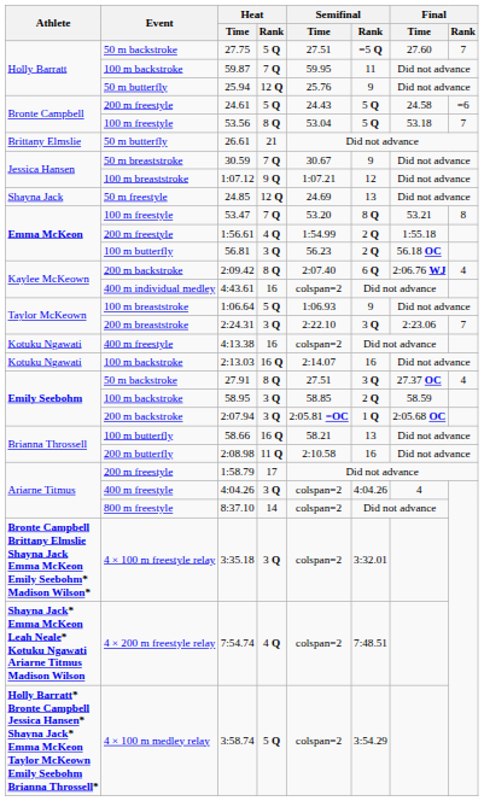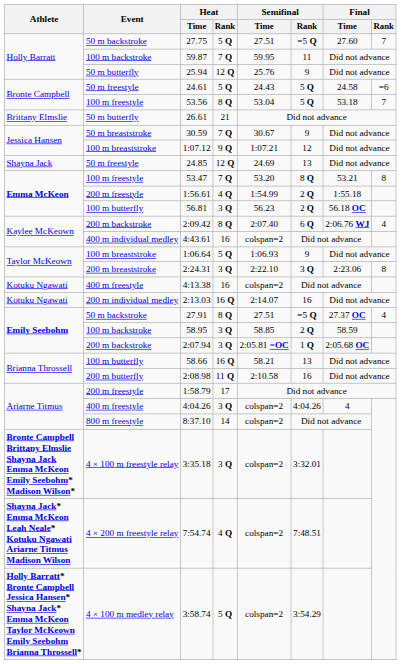 <table class=wikitable style="font-size:90%">
 <tr>
 <th rowspan="2">Athlete</th>
 <th rowspan="2">Event</th>
 <th colspan="2">Heat</th>
 <th colspan="2">Semifinal</th>
 <th colspan="2">Final</th>
 </tr>
 <tr style="font-size:95%">
 <th>Time</th>
 <th>Rank</th>
 <th>Time</th>
 <th>Rank</th>
 <th>Time</th>
 <th>Rank</th>
 </tr>
 <tr align=center>
 <td align=left rowspan=3><a href='#'>Holly Barratt</a></td>
 <td align=left><a href='#'>50 m backstroke</a></td>
 <td>27.75</td>
 <td>5 <strong>Q</strong></td>
 <td>27.51</td>
 <td>=5 <strong>Q</strong></td>
 <td>27.60</td>
 <td>7</td>
 </tr>
 <tr align=center>
 <td align=left><a href='#'>100 m backstroke</a></td>
 <td>59.87</td>
 <td>7 <strong>Q</strong></td>
 <td>59.95</td>
 <td>11</td>
 <td colspan=2>Did not advance</td>
 </tr>
 <tr align=center>
 <td align=left><a href='#'>50 m butterfly</a></td>
 <td>25.94</td>
 <td>12 <strong>Q</strong></td>
 <td>25.76</td>
 <td>9</td>
 <td colspan=2>Did not advance</td>
 </tr>
 <tr align=center>
 <td align=left rowspan=2><a href='#'>Bronte Campbell</a></td>
-<td align=left><a href='#'>200 m freestyle</a></td>
+<td align=left><a href='#'>50 m freestyle</a></td>
 <td>24.61</td>
 <td>5 <strong>Q</strong></td>
 <td>24.43</td>
 <td>5 <strong>Q</strong></td>
 <td>24.58</td>
 <td>=6</td>
 </tr>
 <tr align=center>
 <td align=left><a href='#'>100 m freestyle</a></td>
 <td>53.56</td>
 <td>8 <strong>Q</strong></td>
 <td>53.04</td>
 <td>5 <strong>Q</strong></td>
 <td>53.18</td>
 <td>7</td>
 </tr>
 <tr align=center>
 <td align=left><a href='#'>Brittany Elmslie</a></td>
 <td align=left><a href='#'>50 m butterfly</a></td>
 <td>26.61</td>
 <td>21</td>
 <td colspan=4>Did not advance</td>
 </tr>
 <tr align=center>
 <td align=left rowspan=2><a href='#'>Jessica Hansen</a></td>
 <td align=left><a href='#'>50 m breaststroke</a></td>
 <td>30.59</td>
 <td>7 <strong>Q</strong></td>
 <td>30.67</td>
 <td>9</td>
 <td colspan=2>Did not advance</td>
 </tr>
 <tr align=center>
 <td align=left><a href='#'>100 m breaststroke</a></td>
 <td>1:07.12</td>
 <td>9 <strong>Q</strong></td>
 <td>1:07.21</td>
 <td>12</td>
 <td colspan=2>Did not advance</td>
 </tr>
 <tr align=center>
 <td align=left><a href='#'>Shayna Jack</a></td>
 <td align=left><a href='#'>50 m freestyle</a></td>
 <td>24.85</td>
 <td>12 <strong>Q</strong></td>
 <td>24.69</td>
 <td>13</td>
 <td colspan=2>Did not advance</td>
 </tr>
 <tr align=center>
 <td align=left rowspan=3><strong><a href='#'>Emma McKeon</a></strong></td>
 <td align=left><a href='#'>100 m freestyle</a></td>
 <td>53.47</td>
 <td>7 <strong>Q</strong></td>
 <td>53.20</td>
 <td>8 <strong>Q</strong></td>
 <td>53.21</td>
 <td>8</td>
 </tr>
 <tr align=center>
 <td align=left><a href='#'>200 m freestyle</a></td>
 <td>1:56.61</td>
 <td>4 <strong>Q</strong></td>
 <td>1:54.99</td>
 <td>2 <strong>Q</strong></td>
 <td>1:55.18</td>
 <td></td>
 </tr>
 <tr align=center>
 <td align=left><a href='#'>100 m butterfly</a></td>
 <td>56.81</td>
 <td>3 <strong>Q</strong></td>
 <td>56.23</td>
 <td>2 <strong>Q</strong></td>
 <td>56.18 <strong><a href='#'>OC</a></strong></td>
 <td></td>
 </tr>
 <tr align=center>
 <td align=left rowspan=2><a href='#'>Kaylee McKeown</a></td>
 <td align=left><a href='#'>200 m backstroke</a></td>
 <td>2:09.42</td>
 <td>8 <strong>Q</strong></td>
 <td>2:07.40</td>
 <td>6 <strong>Q</strong></td>
 <td>2:06.76 <strong><a href='#'>WJ</a></strong></td>
 <td>4</td>
 </tr>
 <tr align=center>
 <td align=left><a href='#'>400 m individual medley</a></td>
 <td>4:43.61</td>
 <td>16</td>
 <td>colspan=2 </td>
 <td colspan=2>Did not advance</td>
 </tr>
 <tr align=center>
 <td align=left rowspan=2><a href='#'>Taylor McKeown</a></td>
 <td align=left><a href='#'>100 m breaststroke</a></td>
 <td>1:06.64</td>
 <td>5 <strong>Q</strong></td>
 <td>1:06.93</td>
 <td>9</td>
 <td colspan=2>Did not advance</td>
 </tr>
 <tr align=center>
 <td align=left><a href='#'>200 m breaststroke</a></td>
 <td>2:24.31</td>
 <td>3 <strong>Q</strong></td>
 <td>2:22.10</td>
 <td>3 <strong>Q</strong></td>
 <td>2:23.06</td>
-<td>7</td>
+<td>8</td>
 </tr>
 <tr align=center>
 <td align=left><a href='#'>Kotuku Ngawati</a></td>
 <td align=left><a href='#'>400 m freestyle</a></td>
 <td>4:13.38</td>
 <td>16</td>
 <td>colspan=2 </td>
 <td colspan=2>Did not advance</td>
 </tr>
 <tr align=center>
 <td align=left><a href='#'>Kotuku Ngawati</a></td>
-<td align=left><a href='#'>100 m backstroke</a></td>
+<td align=left><a href='#'>200 m individual medley</a></td>
 <td>2:13.03</td>
 <td>16 <strong>Q</strong></td>
 <td>2:14.07</td>
 <td>16</td>
 <td colspan=2>Did not advance</td>
 </tr>
 <tr align=center>
 <td align=left rowspan=3><strong><a href='#'>Emily Seebohm</a></strong></td>
 <td align=left><a href='#'>50 m backstroke</a></td>
 <td>27.91</td>
 <td>8 <strong>Q</strong></td>
 <td>27.51</td>
-<td>3 <strong>Q</strong></td>
+<td>=5 <strong>Q</strong></td>
 <td>27.37 <strong><a href='#'>OC</a></strong></td>
 <td>4</td>
 </tr>
 <tr align=center>
 <td align=left><a href='#'>100 m backstroke</a></td>
 <td>58.95</td>
 <td>3 <strong>Q</strong></td>
 <td>58.85</td>
 <td>2 <strong>Q</strong></td>
 <td>58.59</td>
 <td></td>
 </tr>
 <tr align=center>
 <td align=left><a href='#'>200 m backstroke</a></td>
 <td>2:07.94</td>
 <td>3 <strong>Q</strong></td>
 <td>2:05.81 <strong><a href='#'>=OC</a></strong></td>
 <td>1 <strong>Q</strong></td>
 <td>2:05.68 <strong><a href='#'>OC</a></strong></td>
 <td></td>
 </tr>
 <tr align=center>
 <td align=left rowspan=2><a href='#'>Brianna Throssell</a></td>
 <td align=left><a href='#'>100 m butterfly</a></td>
 <td>58.66</td>
 <td>16 <strong>Q</strong></td>
 <td>58.21</td>
 <td>13</td>
 <td colspan=2>Did not advance</td>
 </tr>
 <tr align=center>
 <td align=left><a href='#'>200 m butterfly</a></td>
 <td>2:08.98</td>
 <td>11 <strong>Q</strong></td>
 <td>2:10.58</td>
 <td>16</td>
 <td colspan=2>Did not advance</td>
 </tr>
 <tr align=center>
 <td align=left rowspan=3><a href='#'>Ariarne Titmus</a></td>
 <td align=left><a href='#'>200 m freestyle</a></td>
 <td>1:58.79</td>
 <td>17</td>
 <td colspan=4>Did not advance</td>
 </tr>
 <tr align=center>
 <td align=left><a href='#'>400 m freestyle</a></td>
 <td>4:04.26</td>
 <td>3 <strong>Q</strong></td>
 <td>colspan=2 </td>
 <td>4:04.26</td>
 <td>4</td>
 </tr>
 <tr align=center>
 <td align=left><a href='#'>800 m freestyle</a></td>
 <td>8:37.10</td>
 <td>14</td>
 <td>colspan=2 </td>
 <td colspan=2>Did not advance</td>
 </tr>
 <tr align=center>
 <td align=left><strong><a href='#'>Bronte Campbell</a><br><a href='#'>Brittany Elmslie</a><br><a href='#'>Shayna Jack</a><br><a href='#'>Emma McKeon</a><br><a href='#'>Emily Seebohm</a>*<br><a href='#'>Madison Wilson</a>*</strong></td>
 <td align=left><a href='#'>4 × 100 m freestyle relay</a></td>
 <td>3:35.18</td>
 <td>3 <strong>Q</strong></td>
 <td>colspan=2 </td>
 <td>3:32.01</td>
 <td></td>
 </tr>
 <tr align=center>
 <td align=left><strong><a href='#'>Shayna Jack</a>*<br><a href='#'>Emma McKeon</a><br><a href='#'>Leah Neale</a>*<br><a href='#'>Kotuku Ngawati</a><br><a href='#'>Ariarne Titmus</a><br><a href='#'>Madison Wilson</a></strong></td>
 <td align=left><a href='#'>4 × 200 m freestyle relay</a></td>
 <td>7:54.74</td>
 <td>4 <strong>Q</strong></td>
 <td>colspan=2 </td>
 <td>7:48.51</td>
 <td></td>
 </tr>
 <tr align=center>
 <td align=left><strong><a href='#'>Holly Barratt</a>*<br><a href='#'>Bronte Campbell</a><br><a href='#'>Jessica Hansen</a>*<br><a href='#'>Shayna Jack</a>*<br><a href='#'>Emma McKeon</a><br><a href='#'>Taylor McKeown</a><br><a href='#'>Emily Seebohm</a><br><a href='#'>Brianna Throssell</a>*</strong></td>
 <td align=left><a href='#'>4 × 100 m medley relay</a></td>
 <td>3:58.74</td>
 <td>5 <strong>Q</strong></td>
 <td>colspan=2 </td>
 <td>3:54.29</td>
 <td></td>
 </tr>
 </table>
